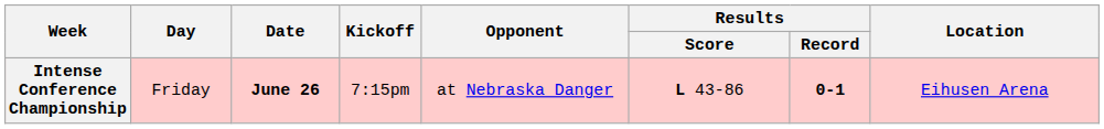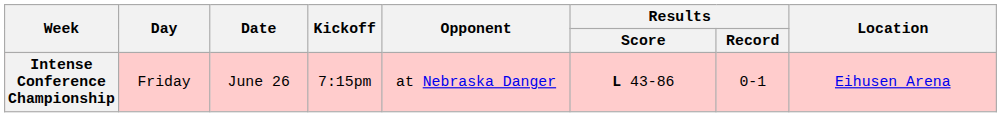 <table class="wikitable">
 <tr>
 <th rowspan="2" width="40">Week</th>
 <th rowspan="2" width="80">Day</th>
 <th rowspan="2" width="90">Date</th>
 <th rowspan="2" width="60">Kickoff</th>
 <th rowspan="2" width="180">Opponent</th>
 <th colspan="2" width="200">Results</th>
 <th rowspan="2" width="200">Location</th>
 </tr>
 <tr>
 <th width="140">Score</th>
 <th width="60">Record</th>
 </tr>
 <tr align="center" bgcolor="#FFCCCC">
 <th>Intense Conference Championship</th>
 <td>Friday</td>
-<td><strong>June 26</strong></td>
+<td>June 26</td>
 <td>7:15pm</td>
 <td>at <a href='#'>Nebraska Danger</a></td>
 <td><strong>L</strong> 43-86</td>
-<td><strong>0-1</strong></td>
+<td>0-1</td>
 <td><a href='#'>Eihusen Arena</a></td>
 </tr>
 </table>
